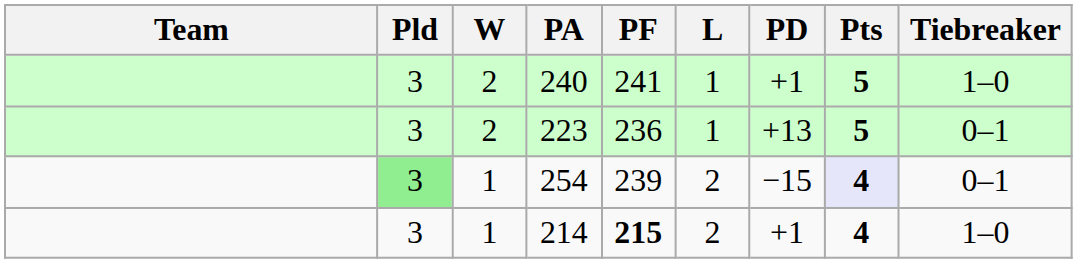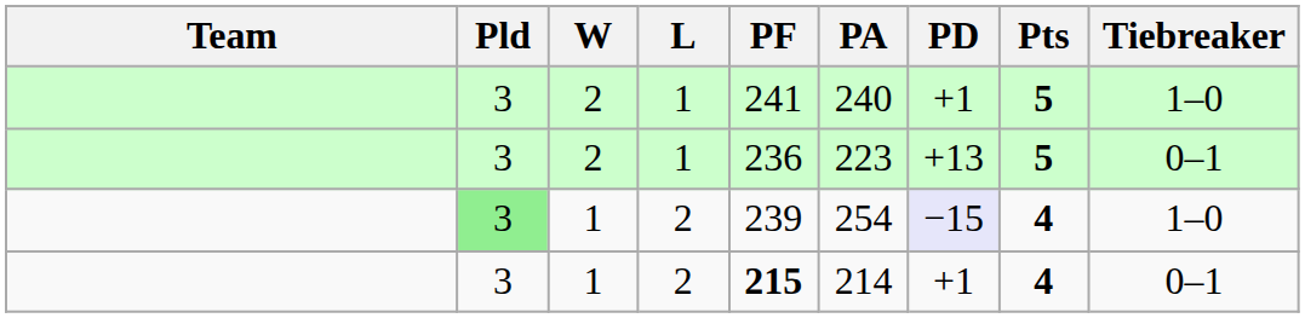 <table class=wikitable style="text-align:center">
 <tr>
 <th width=180>Team</th>
 <th width=30>Pld</th>
 <th width=30>W</th>
+<th width=30>L</th>
+<th width=30>PF</th>
 <th width=30>PA</th>
-<th width=30>PF</th>
-<th width=30>L</th>
 <th width=30>PD</th>
 <th width=30>Pts</th>
 <th width=80>Tiebreaker</th>
 </tr>
 <tr bgcolor="#ccffcc">
 <td align="left"></td>
 <td>3</td>
 <td>2</td>
+<td>1</td>
+<td>241</td>
 <td>240</td>
-<td>241</td>
-<td>1</td>
 <td>+1</td>
 <td><strong>5</strong></td>
 <td>1–0</td>
 </tr>
 <tr bgcolor="#ccffcc">
 <td align="left"></td>
 <td>3</td>
 <td>2</td>
+<td>1</td>
+<td>236</td>
 <td>223</td>
-<td>236</td>
-<td>1</td>
 <td>+13</td>
 <td><strong>5</strong></td>
 <td>0–1</td>
 </tr>
 <tr>
 <td align="left"></td>
 <td style="background: lightgreen;">3</td>
 <td>1</td>
+<td>2</td>
+<td>239</td>
 <td>254</td>
-<td>239</td>
-<td>2</td>
-<td>−15</td>
-<td style="background: lavender;"><strong>4</strong></td>
-<td>0–1</td>
+<td style="background: lavender;">−15</td>
+<td><strong>4</strong></td>
+<td>1–0</td>
 </tr>
 <tr>
 <td align="left"></td>
 <td>3</td>
 <td>1</td>
+<td>2</td>
+<td><strong>215</strong></td>
 <td>214</td>
-<td><strong>215</strong></td>
-<td>2</td>
 <td>+1</td>
 <td><strong>4</strong></td>
-<td>1–0</td>
+<td>0–1</td>
 </tr>
 </table>
